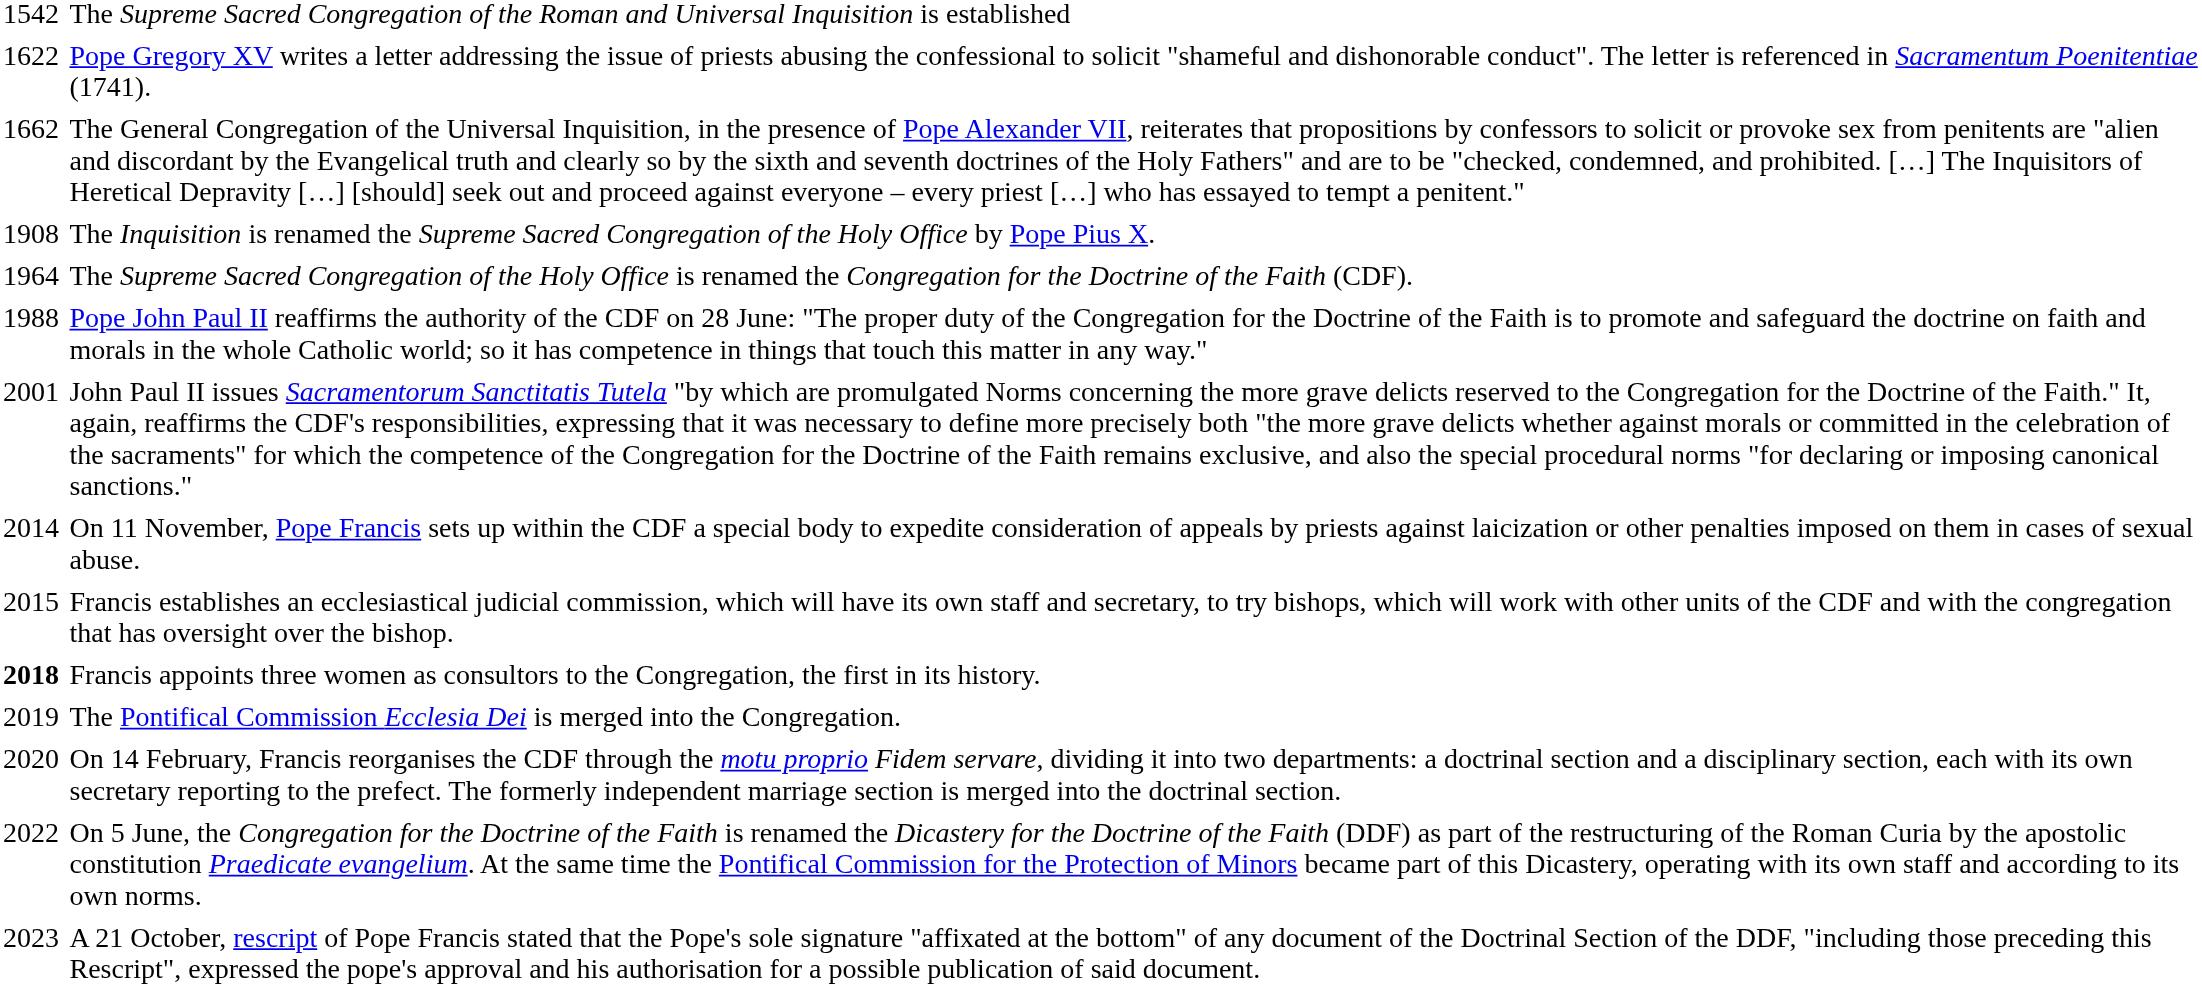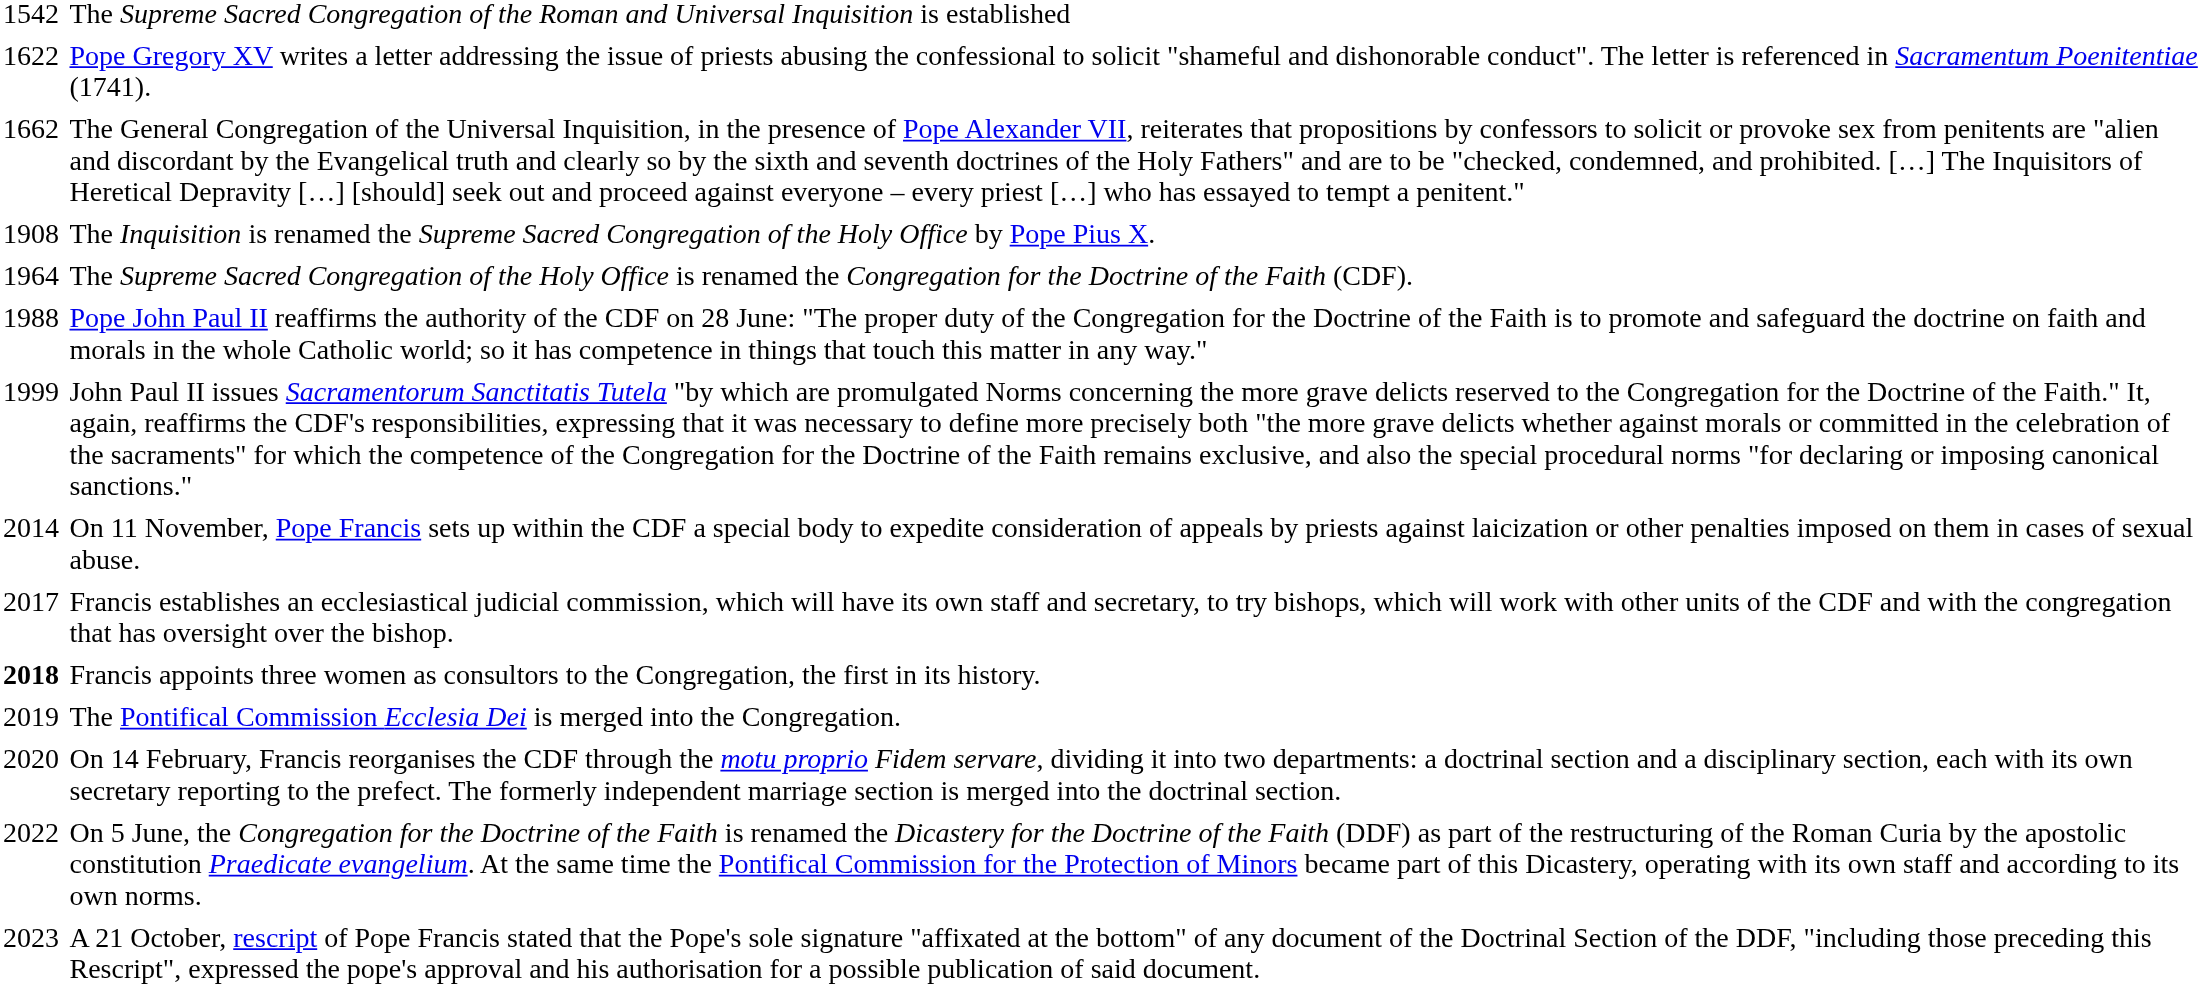 <table cellpadding="2">
 <tr style="vertical-align:top">
 <td>1542</td>
 <td>The <em>Supreme Sacred Congregation of the Roman and Universal Inquisition</em> is established</td>
 </tr>
 <tr style="vertical-align:top">
 <td>1622</td>
 <td><a href='#'>Pope Gregory XV</a> writes a letter addressing the issue of priests abusing the confessional to solicit "shameful and dishonorable conduct". The letter is referenced in <em><a href='#'>Sacramentum Poenitentiae</a></em> (1741).</td>
 </tr>
 <tr style="vertical-align:top">
 <td>1662</td>
 <td>The General Congregation of the Universal Inquisition, in the presence of <a href='#'>Pope Alexander VII</a>, reiterates that propositions by confessors to solicit or provoke sex from penitents are "alien and discordant by the Evangelical truth and clearly so by the sixth and seventh doctrines of the Holy Fathers" and are to be "checked, condemned, and prohibited. […] The Inquisitors of Heretical Depravity […] [should] seek out and proceed against everyone – every priest […] who has essayed to tempt a penitent."</td>
 </tr>
 <tr style="vertical-align:top">
 <td>1908</td>
 <td>The <em>Inquisition</em> is renamed the <em>Supreme Sacred Congregation of the Holy Office</em> by <a href='#'>Pope Pius X</a>.</td>
 </tr>
 <tr style="vertical-align:top">
 <td>1964</td>
 <td>The <em>Supreme Sacred Congregation of the Holy Office</em> is renamed the <em>Congregation for the Doctrine of the Faith</em> (CDF).</td>
 </tr>
 <tr style="vertical-align:top">
 <td>1988</td>
 <td><a href='#'>Pope John Paul II</a> reaffirms the authority of the CDF on 28 June: "The proper duty of the Congregation for the Doctrine of the Faith is to promote and safeguard the doctrine on faith and morals in the whole Catholic world; so it has competence in things that touch this matter in any way."</td>
 </tr>
 <tr style="vertical-align:top">
-<td>2001</td>
+<td>1999</td>
 <td>John Paul II issues <em><a href='#'>Sacramentorum Sanctitatis Tutela</a></em> "by which are promulgated Norms concerning the more grave delicts reserved to the Congregation for the Doctrine of the Faith." It, again, reaffirms the CDF's responsibilities, expressing that it was necessary to define more precisely both "the more grave delicts whether against morals or committed in the celebration of the sacraments" for which the competence of the Congregation for the Doctrine of the Faith remains exclusive, and also the special procedural norms "for declaring or imposing canonical sanctions."</td>
 </tr>
 <tr style="vertical-align:top">
 <td>2014</td>
 <td>On 11 November, <a href='#'>Pope Francis</a> sets up within the CDF a special body to expedite consideration of appeals by priests against laicization or other penalties imposed on them in cases of sexual abuse.</td>
 </tr>
 <tr style="vertical-align:top">
-<td>2015</td>
+<td>2017</td>
 <td>Francis establishes an ecclesiastical judicial commission, which will have its own staff and secretary, to try bishops, which will work with other units of the CDF and with the congregation that has oversight over the bishop.</td>
 </tr>
 <tr style="vertical-align:top">
 <td><strong>2018</strong></td>
 <td>Francis appoints three women as consultors to the Congregation, the first in its history.</td>
 </tr>
 <tr style="vertical-align:top">
 <td>2019</td>
 <td>The <a href='#'>Pontifical Commission <em>Ecclesia Dei</em></a> is merged into the Congregation.</td>
 </tr>
 <tr style="vertical-align:top">
 <td>2020</td>
 <td>On 14 February, Francis reorganises the CDF through the <em><a href='#'>motu proprio</a></em> <em>Fidem servare</em>, dividing it into two departments: a doctrinal section and a disciplinary section, each with its own secretary reporting to the prefect. The formerly independent marriage section is merged into the doctrinal section.</td>
 </tr>
 <tr style="vertical-align:top">
 <td>2022</td>
 <td>On 5 June, the <em>Congregation for the Doctrine of the Faith</em> is renamed the <em>Dicastery for the Doctrine of the Faith</em> (DDF) as part of the restructuring of the Roman Curia by the apostolic constitution <em><a href='#'>Praedicate evangelium</a></em>. At the same time the <a href='#'>Pontifical Commission for the Protection of Minors</a> became part of this Dicastery, operating with its own staff and according to its own norms.</td>
 </tr>
 <tr style="vertical-align:top">
 <td>2023</td>
 <td>A 21 October, <a href='#'>rescript</a> of Pope Francis stated that the Pope's sole signature "affixated at the bottom" of any document of  the Doctrinal Section of the DDF, "including those preceding this Rescript", expressed the pope's approval and his authorisation for a possible publication of said document.</td>
 </tr>
 </table>
